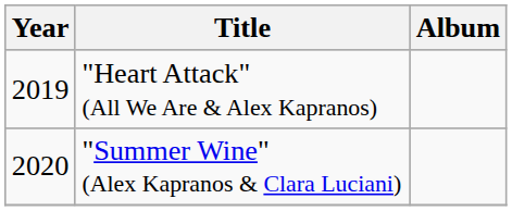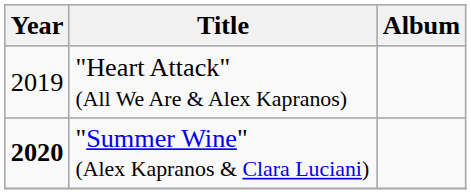 <table class="wikitable">
 <tr>
 <th style="text-align:center; width:10px">Year</th>
 <th style="text-align:center; width:180px;">Title</th>
 <th style="text-align:center;">Album</th>
 </tr>
 <tr>
 <td style="text-align:center;">2019</td>
 <td>"Heart Attack"<br><small>(All We Are & Alex Kapranos)</small></td>
 <td></td>
 </tr>
 <tr>
-<td style="text-align:center;">2020</td>
+<td style="text-align:center;"><strong>2020</strong></td>
 <td>"<a href='#'>Summer Wine</a>"<br><small>(Alex Kapranos & <a href='#'>Clara Luciani</a>)</small></td>
 <td></td>
 </tr>
 <tr>
 </tr>
 </table>
